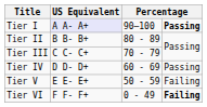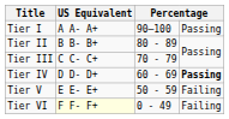 <table class="wikitable">
 <tr>
 <th>Title</th>
 <th>US Equivalent</th>
 <th colspan="2">Percentage</th>
 </tr>
 <tr>
 <td>Tier I</td>
-<td style="background: lavender;">A    A-  A+</td>
+<td>A    A-  A+</td>
 <td>90–100</td>
-<td><strong>Passing</strong></td>
+<td>Passing</td>
 </tr>
 <tr>
 <td>Tier II</td>
 <td>B    B-  B+</td>
 <td>80 - 89</td>
 <td rowspan="2">Passing</td>
 </tr>
 <tr>
 <td>Tier III</td>
 <td>C    C-  C+</td>
 <td>70 - 79</td>
 </tr>
 <tr>
 <td>Tier IV</td>
 <td>D    D-  D+</td>
 <td>60 - 69</td>
-<td>Passing</td>
+<td><strong>Passing</strong></td>
 </tr>
 <tr>
 <td>Tier V</td>
 <td>E     E-  E+</td>
 <td>50 - 59</td>
 <td>Failing</td>
 </tr>
 <tr>
 <td>Tier VI</td>
-<td>F     F-  F+</td>
+<td style="background: lightyellow;">F     F-  F+</td>
 <td>0 - 49</td>
-<td><strong>Failing</strong></td>
+<td>Failing</td>
 </tr>
 </table>
